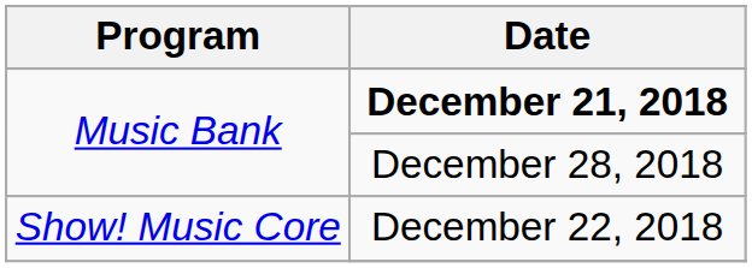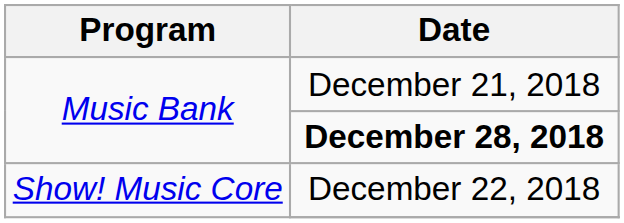 <table class="wikitable" style="text-align:center;">
 <tr>
 <th>Program</th>
 <th style="width:150px;">Date</th>
 </tr>
 <tr>
 <td rowspan="2"><a href='#'><em>Music Bank</em></a></td>
-<td><strong>December 21, 2018</strong></td>
+<td>December 21, 2018</td>
 </tr>
 <tr>
-<td>December 28, 2018</td>
+<td><strong>December 28, 2018</strong></td>
 </tr>
 <tr>
 <td rowspan="2"><em><a href='#'>Show! Music Core</a></em></td>
 <td>December 22, 2018</td>
 </tr>
 <tr>
 </tr>
 </table>
